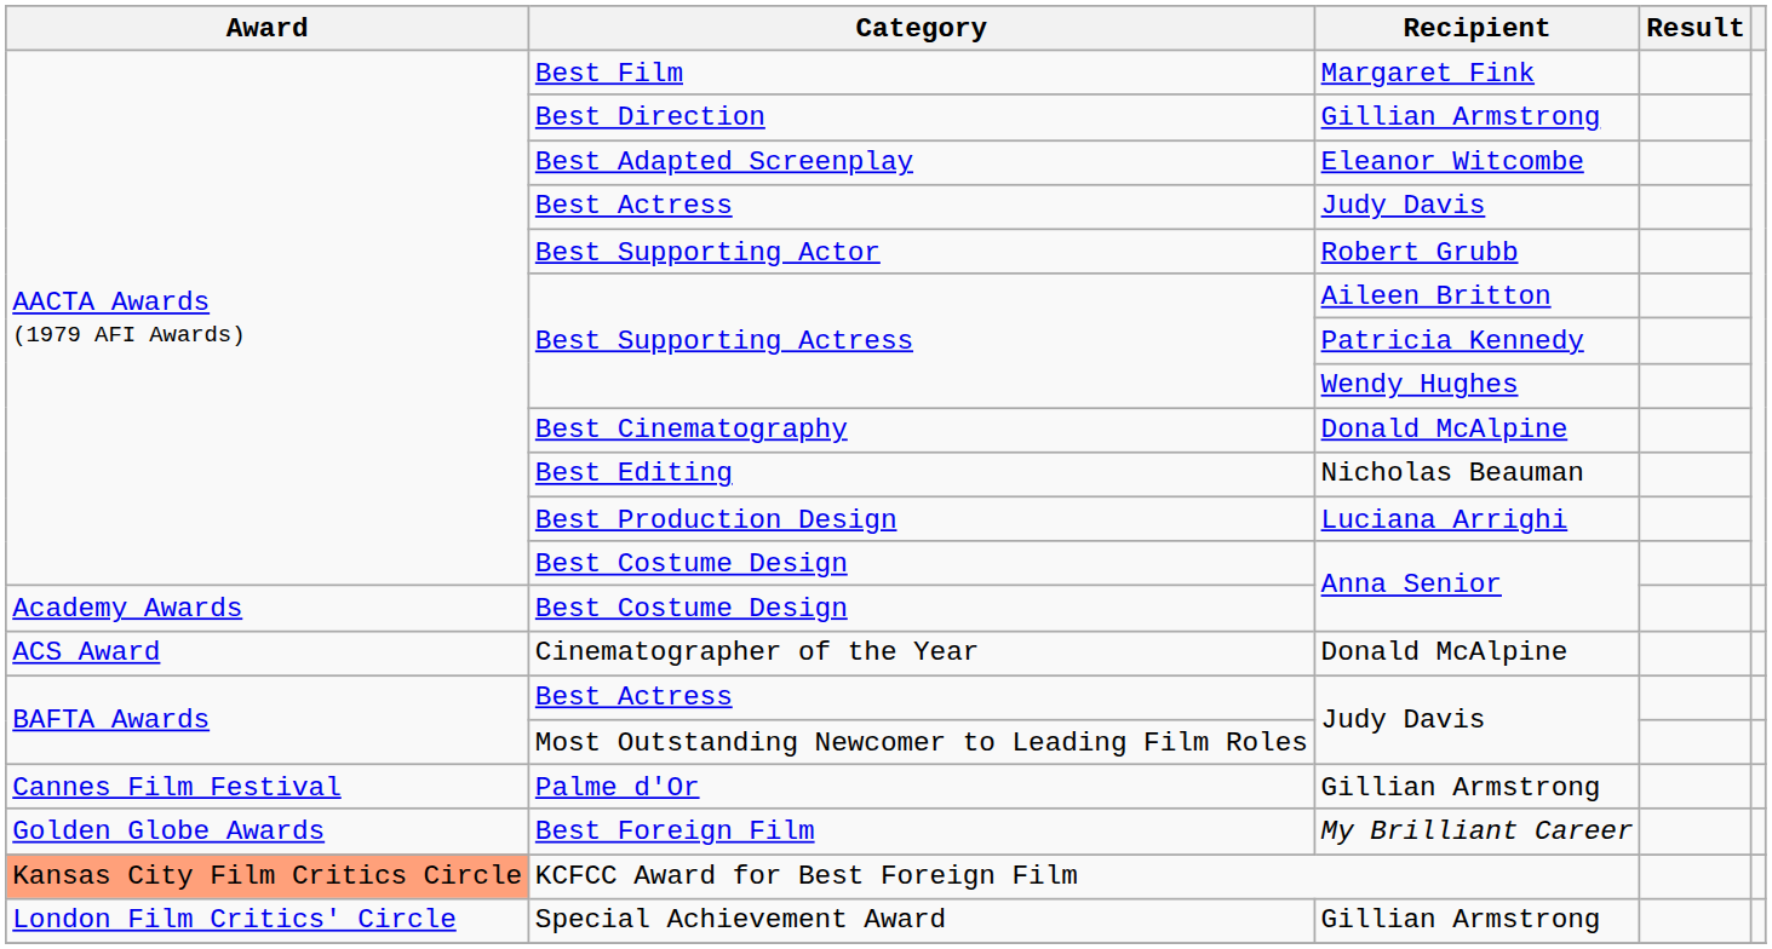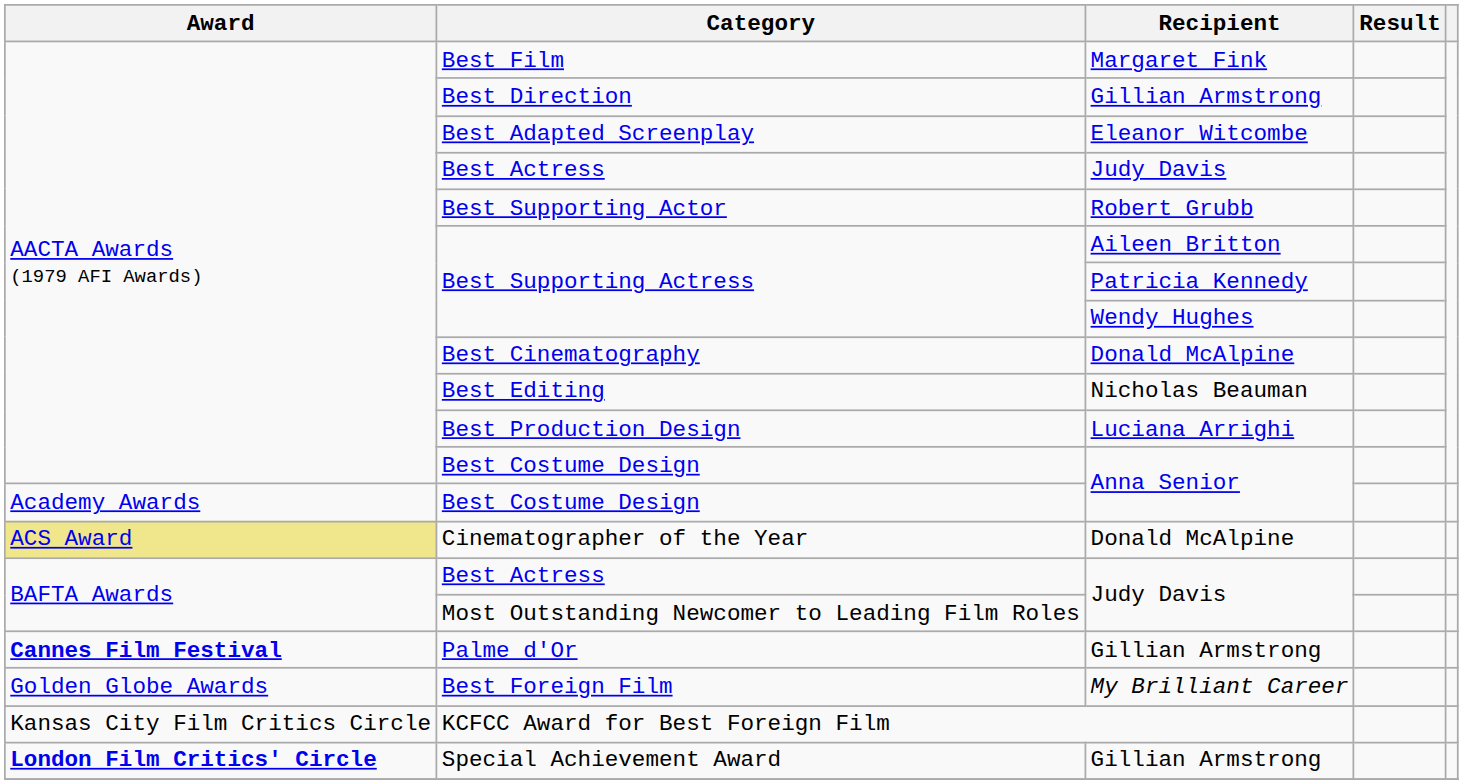 <table class="wikitable">
 <tr>
 <th>Award</th>
 <th>Category</th>
 <th>Recipient</th>
 <th>Result</th>
 <th></th>
 </tr>
 <tr>
 <td rowspan=12><a href='#'>AACTA Awards</a><br><small>(1979 AFI Awards)</small></td>
 <td><a href='#'>Best Film</a></td>
 <td><a href='#'>Margaret Fink</a></td>
 <td></td>
 <td style="text-align:center;" rowspan="12"></td>
 </tr>
 <tr>
 <td><a href='#'>Best Direction</a></td>
 <td><a href='#'>Gillian Armstrong</a></td>
 <td></td>
 </tr>
 <tr>
 <td><a href='#'>Best Adapted Screenplay</a></td>
 <td><a href='#'>Eleanor Witcombe</a></td>
 <td></td>
 </tr>
 <tr>
 <td><a href='#'>Best Actress</a></td>
 <td><a href='#'>Judy Davis</a></td>
 <td></td>
 </tr>
 <tr>
 <td><a href='#'>Best Supporting Actor</a></td>
 <td><a href='#'>Robert Grubb</a></td>
 <td></td>
 </tr>
 <tr>
 <td rowspan=3><a href='#'>Best Supporting Actress</a></td>
 <td><a href='#'>Aileen Britton</a></td>
 <td></td>
 </tr>
 <tr>
 <td><a href='#'>Patricia Kennedy</a></td>
 <td></td>
 </tr>
 <tr>
 <td><a href='#'>Wendy Hughes</a></td>
 <td></td>
 </tr>
 <tr>
 <td><a href='#'>Best Cinematography</a></td>
 <td><a href='#'>Donald McAlpine</a></td>
 <td></td>
 </tr>
 <tr>
 <td><a href='#'>Best Editing</a></td>
 <td>Nicholas Beauman</td>
 <td></td>
 </tr>
 <tr>
 <td><a href='#'>Best Production Design</a></td>
 <td><a href='#'>Luciana Arrighi</a></td>
 <td></td>
 </tr>
 <tr>
 <td><a href='#'>Best Costume Design</a></td>
 <td rowspan=2><a href='#'>Anna Senior</a></td>
 <td></td>
 </tr>
 <tr>
 <td><a href='#'>Academy Awards</a></td>
 <td><a href='#'>Best Costume Design</a></td>
 <td></td>
 <td style="text-align:center;"></td>
 </tr>
 <tr>
-<td><a href='#'>ACS Award</a></td>
+<td style="background: khaki;"><a href='#'>ACS Award</a></td>
 <td>Cinematographer of the Year</td>
 <td>Donald McAlpine</td>
 <td></td>
 <td style="text-align:center;"></td>
 </tr>
 <tr>
 <td rowspan=2><a href='#'>BAFTA Awards</a></td>
 <td><a href='#'>Best Actress</a></td>
 <td rowspan=2>Judy Davis</td>
 <td></td>
 <td style="text-align:center;"></td>
 </tr>
 <tr>
 <td>Most Outstanding Newcomer to Leading Film Roles</td>
 <td></td>
 <td style="text-align:center;"></td>
 </tr>
 <tr>
-<td><a href='#'>Cannes Film Festival</a></td>
+<td><strong><a href='#'>Cannes Film Festival</a></strong></td>
 <td><a href='#'>Palme d'Or</a></td>
 <td>Gillian Armstrong</td>
 <td></td>
 <td style="text-align:center;"></td>
 </tr>
 <tr>
 <td><a href='#'>Golden Globe Awards</a></td>
 <td><a href='#'>Best Foreign Film</a></td>
 <td><em>My Brilliant Career</em></td>
 <td></td>
 <td style="text-align:center;"></td>
 </tr>
 <tr>
-<td style="background: lightsalmon;">Kansas City Film Critics Circle</td>
+<td>Kansas City Film Critics Circle</td>
 <td colspan=2>KCFCC Award for Best Foreign Film</td>
 <td></td>
 <td style="text-align:center;"></td>
 </tr>
 <tr>
-<td><a href='#'>London Film Critics' Circle</a></td>
+<td><strong><a href='#'>London Film Critics' Circle</a></strong></td>
 <td>Special Achievement Award</td>
 <td>Gillian Armstrong</td>
 <td></td>
 <td style="text-align:center;"></td>
 </tr>
 <tr>
 </tr>
 </table>
